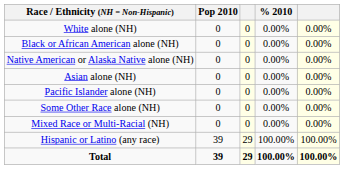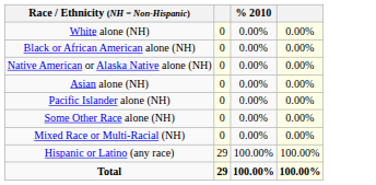 <table class="wikitable" style="text-align:center;">
 <tr>
 <th>Race / Ethnicity <small>(<em>NH = Non-Hispanic</em>)</small></th>
-<th>Pop 2010</th>
 <th></th>
 <th>% 2010</th>
 <th></th>
 </tr>
 <tr>
 <td><a href='#'>White</a> alone (NH)</td>
-<td>0</td>
 <td style='background: #ffffe6;'>0</td>
 <td>0.00%</td>
 <td style='background: #ffffe6;'>0.00%</td>
 </tr>
 <tr>
 <td><a href='#'>Black or African American</a> alone (NH)</td>
-<td>0</td>
 <td style='background: #ffffe6;'>0</td>
 <td>0.00%</td>
 <td style='background: #ffffe6;'>0.00%</td>
 </tr>
 <tr>
 <td><a href='#'>Native American</a> or <a href='#'>Alaska Native</a> alone (NH)</td>
-<td>0</td>
 <td style='background: #ffffe6;'>0</td>
 <td>0.00%</td>
 <td style='background: #ffffe6;'>0.00%</td>
 </tr>
 <tr>
 <td><a href='#'>Asian</a> alone (NH)</td>
-<td>0</td>
 <td style='background: #ffffe6;'>0</td>
 <td>0.00%</td>
 <td style='background: #ffffe6;'>0.00%</td>
 </tr>
 <tr>
 <td><a href='#'>Pacific Islander</a> alone (NH)</td>
-<td>0</td>
 <td style='background: #ffffe6;'>0</td>
 <td>0.00%</td>
 <td style='background: #ffffe6;'>0.00%</td>
 </tr>
 <tr>
 <td><a href='#'>Some Other Race</a> alone (NH)</td>
-<td>0</td>
 <td style='background: #ffffe6;'>0</td>
 <td>0.00%</td>
 <td style='background: #ffffe6;'>0.00%</td>
 </tr>
 <tr>
 <td><a href='#'>Mixed Race or Multi-Racial</a> (NH)</td>
-<td>0</td>
 <td style='background: #ffffe6;'>0</td>
 <td>0.00%</td>
 <td style='background: #ffffe6;'>0.00%</td>
 </tr>
 <tr>
 <td><a href='#'>Hispanic or Latino</a> (any race)</td>
-<td>39</td>
 <td style='background: #ffffe6;'>29</td>
 <td>100.00%</td>
 <td style='background: #ffffe6;'>100.00%</td>
 </tr>
 <tr>
 <td><strong>Total</strong></td>
-<td><strong>39</strong></td>
 <td style='background: #ffffe6;'><strong>29</strong></td>
 <td><strong>100.00%</strong></td>
 <td style='background: #ffffe6;'><strong>100.00%</strong></td>
 </tr>
 </table>
